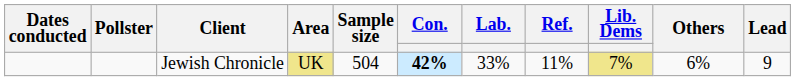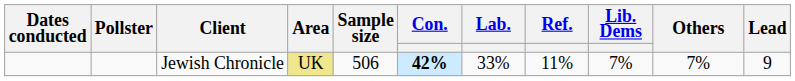 <table class="wikitable sortable mw-datatable" style="text-align:center;  line-height:14px;">
 <tr>
 <th rowspan="2">Dates<br>conducted</th>
 <th rowspan="2">Pollster</th>
 <th rowspan="2">Client</th>
 <th rowspan="2">Area</th>
 <th data-sort-type="number" rowspan="2">Sample<br>size</th>
 <th class="unsortable" style="width:50px;"><a href='#'>Con.</a></th>
 <th class="unsortable" style="width:50px;"><a href='#'>Lab.</a></th>
 <th class="unsortable" style="width:50px;"><a href='#'>Ref.</a></th>
 <th class="unsortable" style="width:50px;"><a href='#'>Lib. Dems</a></th>
 <th rowspan="2" class="unsortable" style="width:75px;">Others</th>
 <th data-sort-type="number" rowspan="2">Lead</th>
 </tr>
 <tr>
 <th data-sort-type="number" style="background:"></th>
 <th data-sort-type="number" style="background:"></th>
 <th data-sort-type="number" style="background:"></th>
 <th data-sort-type="number" style="background:"></th>
 </tr>
 <tr>
 <td></td>
 <td></td>
 <td>Jewish Chronicle</td>
 <td style="background: khaki;">UK</td>
-<td>504</td>
+<td>506</td>
 <td style="background:#CCEBFF;"><strong>42%</strong></td>
 <td>33%</td>
 <td>11%</td>
-<td style="background: khaki;">7%</td>
-<td>6%</td>
+<td>7%</td>
+<td>7%</td>
 <td style="background:">9</td>
 </tr>
 </table>
